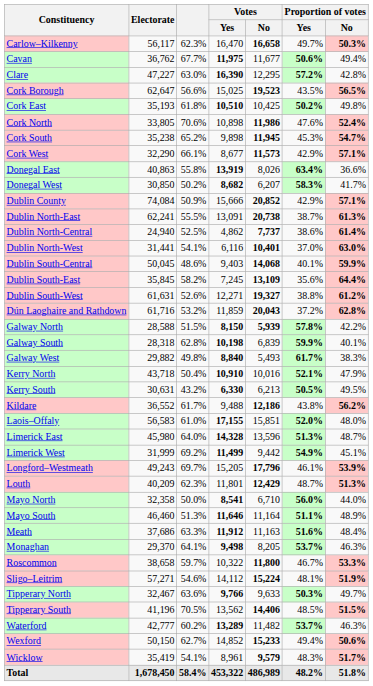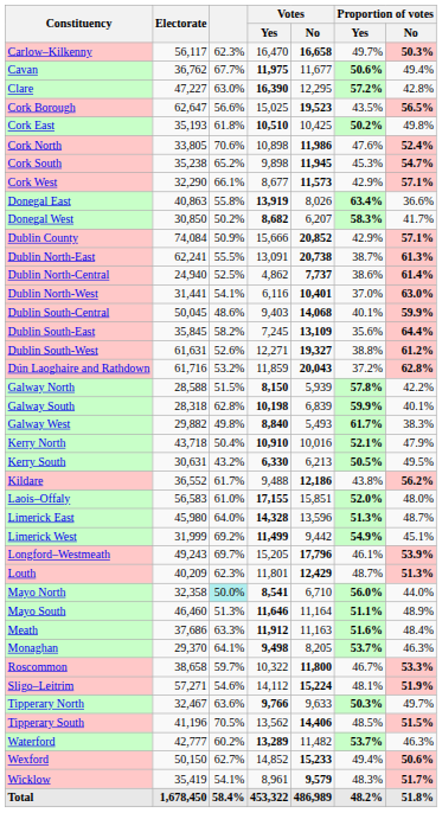 <table class="wikitable sortable">
 <tr>
 <th rowspan=2>Constituency</th>
 <th rowspan=2>Electorate</th>
 <th rowspan=2></th>
 <th colspan=2>Votes</th>
 <th colspan=2>Proportion of votes</th>
 </tr>
 <tr>
 <th>Yes</th>
 <th>No</th>
 <th>Yes</th>
 <th>No</th>
 </tr>
 <tr>
 <td style="background:#ffc8c8;"><a href='#'>Carlow–Kilkenny</a></td>
 <td style="text-align: right;">56,117</td>
 <td style="text-align: right;">62.3%</td>
 <td style="text-align: right;">16,470</td>
 <td style="text-align: right;"><strong>16,658</strong></td>
 <td style="text-align: right;">49.7%</td>
 <td style="text-align: right; background:#ffc8c8;"><strong>50.3%</strong></td>
 </tr>
 <tr>
 <td style="background:#c8ffc8;"><a href='#'>Cavan</a></td>
 <td style="text-align: right;">36,762</td>
 <td style="text-align: right;">67.7%</td>
 <td style="text-align: right;"><strong>11,975</strong></td>
 <td style="text-align: right;">11,677</td>
 <td style="text-align: right; background:#c8ffc8;"><strong>50.6%</strong></td>
 <td style="text-align: right;">49.4%</td>
 </tr>
 <tr>
 <td style="background:#c8ffc8;"><a href='#'>Clare</a></td>
 <td style="text-align: right;">47,227</td>
 <td style="text-align: right;">63.0%</td>
 <td style="text-align: right;"><strong>16,390</strong></td>
 <td style="text-align: right;">12,295</td>
 <td style="text-align: right; background:#c8ffc8;"><strong>57.2%</strong></td>
 <td style="text-align: right;">42.8%</td>
 </tr>
 <tr>
 <td style="background:#ffc8c8;"><a href='#'>Cork Borough</a></td>
 <td style="text-align: right;">62,647</td>
 <td style="text-align: right;">56.6%</td>
 <td style="text-align: right;">15,025</td>
 <td style="text-align: right;"><strong>19,523</strong></td>
 <td style="text-align: right;">43.5%</td>
 <td style="text-align: right; background:#ffc8c8;"><strong>56.5%</strong></td>
 </tr>
 <tr>
 <td style="background:#c8ffc8;"><a href='#'>Cork East</a></td>
 <td style="text-align: right;">35,193</td>
 <td style="text-align: right;">61.8%</td>
 <td style="text-align: right;"><strong>10,510</strong></td>
 <td style="text-align: right;">10,425</td>
 <td style="text-align: right; background:#c8ffc8;"><strong>50.2%</strong></td>
 <td style="text-align: right;">49.8%</td>
 </tr>
 <tr>
 <td style="background:#ffc8c8;"><a href='#'>Cork North</a></td>
 <td style="text-align: right;">33,805</td>
 <td style="text-align: right;">70.6%</td>
 <td style="text-align: right;">10,898</td>
 <td style="text-align: right;"><strong>11,986</strong></td>
 <td style="text-align: right;">47.6%</td>
 <td style="text-align: right; background:#ffc8c8;"><strong>52.4%</strong></td>
 </tr>
 <tr>
 <td style="background:#ffc8c8;"><a href='#'>Cork South</a></td>
 <td style="text-align: right;">35,238</td>
 <td style="text-align: right;">65.2%</td>
 <td style="text-align: right;">9,898</td>
 <td style="text-align: right;"><strong>11,945</strong></td>
 <td style="text-align: right;">45.3%</td>
 <td style="text-align: right; background:#ffc8c8;"><strong>54.7%</strong></td>
 </tr>
 <tr>
 <td style="background:#ffc8c8;"><a href='#'>Cork West</a></td>
 <td style="text-align: right;">32,290</td>
 <td style="text-align: right;">66.1%</td>
 <td style="text-align: right;">8,677</td>
 <td style="text-align: right;"><strong>11,573</strong></td>
 <td style="text-align: right;">42.9%</td>
 <td style="text-align: right; background:#ffc8c8;"><strong>57.1%</strong></td>
 </tr>
 <tr>
 <td style="background:#c8ffc8;"><a href='#'>Donegal East</a></td>
 <td style="text-align: right;">40,863</td>
 <td style="text-align: right;">55.8%</td>
 <td style="text-align: right;"><strong>13,919</strong></td>
 <td style="text-align: right;">8,026</td>
 <td style="text-align: right; background:#c8ffc8;"><strong>63.4%</strong></td>
 <td style="text-align: right;">36.6%</td>
 </tr>
 <tr>
 <td style="background:#c8ffc8;"><a href='#'>Donegal West</a></td>
 <td style="text-align: right;">30,850</td>
 <td style="text-align: right;">50.2%</td>
 <td style="text-align: right;"><strong>8,682</strong></td>
 <td style="text-align: right;">6,207</td>
 <td style="text-align: right; background:#c8ffc8;"><strong>58.3%</strong></td>
 <td style="text-align: right;">41.7%</td>
 </tr>
 <tr>
 <td style="background:#ffc8c8;"><a href='#'>Dublin County</a></td>
 <td style="text-align: right;">74,084</td>
 <td style="text-align: right;">50.9%</td>
 <td style="text-align: right;">15,666</td>
 <td style="text-align: right;"><strong>20,852</strong></td>
 <td style="text-align: right;">42.9%</td>
 <td style="text-align: right; background:#ffc8c8;"><strong>57.1%</strong></td>
 </tr>
 <tr>
 <td style="background:#ffc8c8;"><a href='#'>Dublin North-East</a></td>
 <td style="text-align: right;">62,241</td>
 <td style="text-align: right;">55.5%</td>
 <td style="text-align: right;">13,091</td>
 <td style="text-align: right;"><strong>20,738</strong></td>
 <td style="text-align: right;">38.7%</td>
 <td style="text-align: right; background:#ffc8c8;"><strong>61.3%</strong></td>
 </tr>
 <tr>
 <td style="background:#ffc8c8;"><a href='#'>Dublin North-Central</a></td>
 <td style="text-align: right;">24,940</td>
 <td style="text-align: right;">52.5%</td>
 <td style="text-align: right;">4,862</td>
 <td style="text-align: right;"><strong>7,737</strong></td>
 <td style="text-align: right;">38.6%</td>
 <td style="text-align: right; background:#ffc8c8;"><strong>61.4%</strong></td>
 </tr>
 <tr>
 <td style="background:#ffc8c8;"><a href='#'>Dublin North-West</a></td>
 <td style="text-align: right;">31,441</td>
 <td style="text-align: right;">54.1%</td>
 <td style="text-align: right;">6,116</td>
 <td style="text-align: right;"><strong>10,401</strong></td>
 <td style="text-align: right;">37.0%</td>
 <td style="text-align: right; background:#ffc8c8;"><strong>63.0%</strong></td>
 </tr>
 <tr>
 <td style="background:#ffc8c8;"><a href='#'>Dublin South-Central</a></td>
 <td style="text-align: right;">50,045</td>
 <td style="text-align: right;">48.6%</td>
 <td style="text-align: right;">9,403</td>
 <td style="text-align: right;"><strong>14,068</strong></td>
 <td style="text-align: right;">40.1%</td>
 <td style="text-align: right; background:#ffc8c8;"><strong>59.9%</strong></td>
 </tr>
 <tr>
 <td style="background:#ffc8c8;"><a href='#'>Dublin South-East</a></td>
 <td style="text-align: right;">35,845</td>
 <td style="text-align: right;">58.2%</td>
 <td style="text-align: right;">7,245</td>
 <td style="text-align: right;"><strong>13,109</strong></td>
 <td style="text-align: right;">35.6%</td>
 <td style="text-align: right; background:#ffc8c8;"><strong>64.4%</strong></td>
 </tr>
 <tr>
 <td style="background:#ffc8c8;"><a href='#'>Dublin South-West</a></td>
 <td style="text-align: right;">61,631</td>
 <td style="text-align: right;">52.6%</td>
 <td style="text-align: right;">12,271</td>
 <td style="text-align: right;"><strong>19,327</strong></td>
 <td style="text-align: right;">38.8%</td>
 <td style="text-align: right; background:#ffc8c8;"><strong>61.2%</strong></td>
 </tr>
 <tr>
 <td style="background:#ffc8c8;"><a href='#'>Dún Laoghaire and Rathdown</a></td>
 <td style="text-align: right;">61,716</td>
 <td style="text-align: right;">53.2%</td>
 <td style="text-align: right;">11,859</td>
 <td style="text-align: right;"><strong>20,043</strong></td>
 <td style="text-align: right;">37.2%</td>
 <td style="text-align: right; background:#ffc8c8;"><strong>62.8%</strong></td>
 </tr>
 <tr>
 <td style="background:#c8ffc8;"><a href='#'>Galway North</a></td>
 <td style="text-align: right;">28,588</td>
 <td style="text-align: right;">51.5%</td>
 <td style="text-align: right;"><strong>8,150</strong></td>
-<td style="text-align: right;"><strong>5,939</strong></td>
+<td style="text-align: right;">5,939</td>
 <td style="text-align: right; background:#c8ffc8;"><strong>57.8%</strong></td>
 <td style="text-align: right;">42.2%</td>
 </tr>
 <tr>
 <td style="background:#c8ffc8;"><a href='#'>Galway South</a></td>
 <td style="text-align: right;">28,318</td>
 <td style="text-align: right;">62.8%</td>
 <td style="text-align: right;"><strong>10,198</strong></td>
 <td style="text-align: right;">6,839</td>
 <td style="text-align: right; background:#c8ffc8;"><strong>59.9%</strong></td>
 <td style="text-align: right;">40.1%</td>
 </tr>
 <tr>
 <td style="background:#c8ffc8;"><a href='#'>Galway West</a></td>
 <td style="text-align: right;">29,882</td>
 <td style="text-align: right;">49.8%</td>
 <td style="text-align: right;"><strong>8,840</strong></td>
 <td style="text-align: right;">5,493</td>
 <td style="text-align: right; background:#c8ffc8;"><strong>61.7%</strong></td>
 <td style="text-align: right;">38.3%</td>
 </tr>
 <tr>
 <td style="background:#c8ffc8;"><a href='#'>Kerry North</a></td>
 <td style="text-align: right;">43,718</td>
 <td style="text-align: right;">50.4%</td>
 <td style="text-align: right;"><strong>10,910</strong></td>
 <td style="text-align: right;">10,016</td>
 <td style="text-align: right; background:#c8ffc8;"><strong>52.1%</strong></td>
 <td style="text-align: right;">47.9%</td>
 </tr>
 <tr>
 <td style="background:#c8ffc8;"><a href='#'>Kerry South</a></td>
 <td style="text-align: right;">30,631</td>
 <td style="text-align: right;">43.2%</td>
 <td style="text-align: right;"><strong>6,330</strong></td>
 <td style="text-align: right;">6,213</td>
 <td style="text-align: right; background:#c8ffc8;"><strong>50.5%</strong></td>
 <td style="text-align: right;">49.5%</td>
 </tr>
 <tr>
 <td style="background:#ffc8c8;"><a href='#'>Kildare</a></td>
 <td style="text-align: right;">36,552</td>
 <td style="text-align: right;">61.7%</td>
 <td style="text-align: right;">9,488</td>
 <td style="text-align: right;"><strong>12,186</strong></td>
 <td style="text-align: right;">43.8%</td>
 <td style="text-align: right; background:#ffc8c8;"><strong>56.2%</strong></td>
 </tr>
 <tr>
 <td style="background:#c8ffc8;"><a href='#'>Laois–Offaly</a></td>
 <td style="text-align: right;">56,583</td>
 <td style="text-align: right;">61.0%</td>
 <td style="text-align: right;"><strong>17,155</strong></td>
 <td style="text-align: right;">15,851</td>
 <td style="text-align: right; background:#c8ffc8;"><strong>52.0%</strong></td>
 <td style="text-align: right;">48.0%</td>
 </tr>
 <tr>
 <td style="background:#c8ffc8;"><a href='#'>Limerick East</a></td>
 <td style="text-align: right;">45,980</td>
 <td style="text-align: right;">64.0%</td>
 <td style="text-align: right;"><strong>14,328</strong></td>
 <td style="text-align: right;">13,596</td>
 <td style="text-align: right; background:#c8ffc8;"><strong>51.3%</strong></td>
 <td style="text-align: right;">48.7%</td>
 </tr>
 <tr>
 <td style="background:#c8ffc8;"><a href='#'>Limerick West</a></td>
 <td style="text-align: right;">31,999</td>
 <td style="text-align: right;">69.2%</td>
 <td style="text-align: right;"><strong>11,499</strong></td>
 <td style="text-align: right;">9,442</td>
 <td style="text-align: right; background:#c8ffc8;"><strong>54.9%</strong></td>
 <td style="text-align: right;">45.1%</td>
 </tr>
 <tr>
 <td style="background:#ffc8c8;"><a href='#'>Longford–Westmeath</a></td>
 <td style="text-align: right;">49,243</td>
 <td style="text-align: right;">69.7%</td>
 <td style="text-align: right;">15,205</td>
 <td style="text-align: right;"><strong>17,796</strong></td>
 <td style="text-align: right;">46.1%</td>
 <td style="text-align: right; background:#ffc8c8;"><strong>53.9%</strong></td>
 </tr>
 <tr>
 <td style="background:#ffc8c8;"><a href='#'>Louth</a></td>
 <td style="text-align: right;">40,209</td>
 <td style="text-align: right;">62.3%</td>
 <td style="text-align: right;">11,801</td>
 <td style="text-align: right;"><strong>12,429</strong></td>
 <td style="text-align: right;">48.7%</td>
 <td style="text-align: right; background:#ffc8c8;"><strong>51.3%</strong></td>
 </tr>
 <tr>
 <td style="background:#c8ffc8;"><a href='#'>Mayo North</a></td>
 <td style="text-align: right;">32,358</td>
-<td style="text-align: right;">50.0%</td>
+<td style="background: paleturquoise; text-align: right;">50.0%</td>
 <td style="text-align: right;"><strong>8,541</strong></td>
 <td style="text-align: right;">6,710</td>
 <td style="text-align: right; background:#c8ffc8;"><strong>56.0%</strong></td>
 <td style="text-align: right;">44.0%</td>
 </tr>
 <tr>
 <td style="background:#c8ffc8;"><a href='#'>Mayo South</a></td>
 <td style="text-align: right;">46,460</td>
 <td style="text-align: right;">51.3%</td>
 <td style="text-align: right;"><strong>11,646</strong></td>
 <td style="text-align: right;">11,164</td>
 <td style="text-align: right; background:#c8ffc8;"><strong>51.1%</strong></td>
 <td style="text-align: right;">48.9%</td>
 </tr>
 <tr>
 <td style="background:#c8ffc8;"><a href='#'>Meath</a></td>
 <td style="text-align: right;">37,686</td>
 <td style="text-align: right;">63.3%</td>
 <td style="text-align: right;"><strong>11,912</strong></td>
 <td style="text-align: right;">11,163</td>
 <td style="text-align: right; background:#c8ffc8;"><strong>51.6%</strong></td>
 <td style="text-align: right;">48.4%</td>
 </tr>
 <tr>
 <td style="background:#c8ffc8;"><a href='#'>Monaghan</a></td>
 <td style="text-align: right;">29,370</td>
 <td style="text-align: right;">64.1%</td>
 <td style="text-align: right;"><strong>9,498</strong></td>
 <td style="text-align: right;">8,205</td>
 <td style="text-align: right; background:#c8ffc8;"><strong>53.7%</strong></td>
 <td style="text-align: right;">46.3%</td>
 </tr>
 <tr>
 <td style="background:#ffc8c8;"><a href='#'>Roscommon</a></td>
 <td style="text-align: right;">38,658</td>
 <td style="text-align: right;">59.7%</td>
 <td style="text-align: right;">10,322</td>
 <td style="text-align: right;"><strong>11,800</strong></td>
 <td style="text-align: right;">46.7%</td>
 <td style="text-align: right; background:#ffc8c8;"><strong>53.3%</strong></td>
 </tr>
 <tr>
 <td style="background:#ffc8c8;"><a href='#'>Sligo–Leitrim</a></td>
 <td style="text-align: right;">57,271</td>
 <td style="text-align: right;">54.6%</td>
 <td style="text-align: right;">14,112</td>
 <td style="text-align: right;"><strong>15,224</strong></td>
 <td style="text-align: right;">48.1%</td>
 <td style="text-align: right; background:#ffc8c8;"><strong>51.9%</strong></td>
 </tr>
 <tr>
 <td style="background:#c8ffc8;"><a href='#'>Tipperary North</a></td>
 <td style="text-align: right;">32,467</td>
 <td style="text-align: right;">63.6%</td>
 <td style="text-align: right;"><strong>9,766</strong></td>
 <td style="text-align: right;">9,633</td>
 <td style="text-align: right; background:#c8ffc8;"><strong>50.3%</strong></td>
 <td style="text-align: right;">49.7%</td>
 </tr>
 <tr>
 <td style="background:#ffc8c8;"><a href='#'>Tipperary South</a></td>
 <td style="text-align: right;">41,196</td>
 <td style="text-align: right;">70.5%</td>
 <td style="text-align: right;">13,562</td>
 <td style="text-align: right;"><strong>14,406</strong></td>
 <td style="text-align: right;">48.5%</td>
 <td style="text-align: right; background:#ffc8c8;"><strong>51.5%</strong></td>
 </tr>
 <tr>
 <td style="background:#c8ffc8;"><a href='#'>Waterford</a></td>
 <td style="text-align: right;">42,777</td>
 <td style="text-align: right;">60.2%</td>
 <td style="text-align: right;"><strong>13,289</strong></td>
 <td style="text-align: right;">11,482</td>
 <td style="text-align: right; background:#c8ffc8;"><strong>53.7%</strong></td>
 <td style="text-align: right;">46.3%</td>
 </tr>
 <tr>
 <td style="background:#ffc8c8;"><a href='#'>Wexford</a></td>
 <td style="text-align: right;">50,150</td>
 <td style="text-align: right;">62.7%</td>
 <td style="text-align: right;">14,852</td>
 <td style="text-align: right;"><strong>15,233</strong></td>
 <td style="text-align: right;">49.4%</td>
 <td style="text-align: right; background:#ffc8c8;"><strong>50.6%</strong></td>
 </tr>
 <tr>
 <td style="background:#ffc8c8;"><a href='#'>Wicklow</a></td>
 <td style="text-align: right;">35,419</td>
 <td style="text-align: right;">54.1%</td>
 <td style="text-align: right;">8,961</td>
 <td style="text-align: right;"><strong>9,579</strong></td>
 <td style="text-align: right;">48.3%</td>
 <td style="text-align: right; background:#ffc8c8;"><strong>51.7%</strong></td>
 </tr>
 <tr class="sortbottom" style="font-weight:bold; background:rgb(232,232,232);">
 <td>Total</td>
 <td style="text-align: right;">1,678,450</td>
 <td style="text-align: right;">58.4%</td>
 <td style="text-align: right;">453,322</td>
 <td style="text-align: right;">486,989</td>
 <td style="text-align: right;">48.2%</td>
 <td style="text-align: right;">51.8%</td>
 </tr>
 </table>
